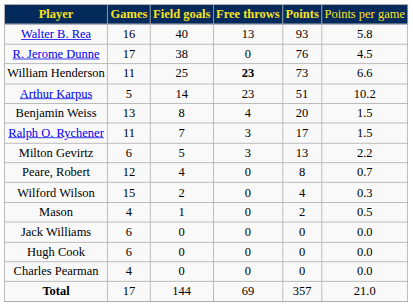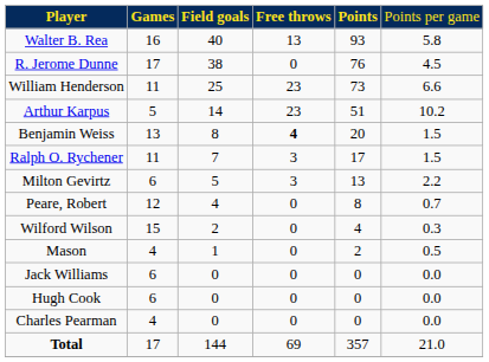 <table class="wikitable" width=" ">
 <tr align="center"  style="background:#042A5C; color:#FCE21C;">
 <td><strong>Player</strong></td>
 <td><strong>Games</strong></td>
 <td><strong>Field goals</strong></td>
 <td><strong>Free throws</strong></td>
 <td><strong>Points</strong></td>
 <td>Points per game</td>
 </tr>
 <tr align="center" bgcolor="">
 <td><a href='#'>Walter B. Rea</a></td>
 <td>16</td>
 <td>40</td>
 <td>13</td>
 <td>93</td>
 <td>5.8</td>
 </tr>
 <tr align="center" bgcolor="">
 <td><a href='#'>R. Jerome Dunne</a></td>
 <td>17</td>
 <td>38</td>
 <td>0</td>
 <td>76</td>
 <td>4.5</td>
 </tr>
 <tr align="center" bgcolor="">
 <td>William Henderson</td>
 <td>11</td>
 <td>25</td>
-<td><strong>23</strong></td>
+<td>23</td>
 <td>73</td>
 <td>6.6</td>
 </tr>
 <tr align="center" bgcolor="">
 <td><a href='#'>Arthur Karpus</a></td>
 <td>5</td>
 <td>14</td>
 <td>23</td>
 <td>51</td>
 <td>10.2</td>
 </tr>
 <tr align="center" bgcolor="">
 <td>Benjamin Weiss</td>
 <td>13</td>
 <td>8</td>
-<td>4</td>
+<td><strong>4</strong></td>
 <td>20</td>
 <td>1.5</td>
 </tr>
 <tr align="center" bgcolor="">
 <td><a href='#'>Ralph O. Rychener</a></td>
 <td>11</td>
 <td>7</td>
 <td>3</td>
 <td>17</td>
 <td>1.5</td>
 </tr>
 <tr align="center" bgcolor="">
 <td>Milton Gevirtz</td>
 <td>6</td>
 <td>5</td>
 <td>3</td>
 <td>13</td>
 <td>2.2</td>
 </tr>
 <tr align="center" bgcolor="">
 <td>Peare, Robert</td>
 <td>12</td>
 <td>4</td>
 <td>0</td>
 <td>8</td>
 <td>0.7</td>
 </tr>
 <tr align="center" bgcolor="">
 <td>Wilford Wilson</td>
 <td>15</td>
 <td>2</td>
 <td>0</td>
 <td>4</td>
 <td>0.3</td>
 </tr>
 <tr align="center" bgcolor="">
 <td>Mason</td>
 <td>4</td>
 <td>1</td>
 <td>0</td>
 <td>2</td>
 <td>0.5</td>
 </tr>
 <tr align="center" bgcolor="">
 <td>Jack Williams</td>
 <td>6</td>
 <td>0</td>
 <td>0</td>
 <td>0</td>
 <td>0.0</td>
 </tr>
 <tr align="center" bgcolor="">
 <td>Hugh Cook</td>
 <td>6</td>
 <td>0</td>
 <td>0</td>
 <td>0</td>
 <td>0.0</td>
 </tr>
 <tr align="center" bgcolor="">
 <td>Charles Pearman</td>
 <td>4</td>
 <td>0</td>
 <td>0</td>
 <td>0</td>
 <td>0.0</td>
 </tr>
 <tr align="center" bgcolor="">
 <td><strong>Total</strong></td>
 <td>17</td>
 <td>144</td>
 <td>69</td>
 <td>357</td>
 <td>21.0</td>
 </tr>
 <tr align="center" bgcolor="">
 </tr>
 </table>
